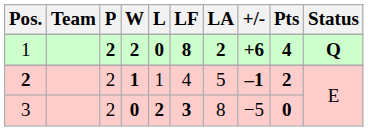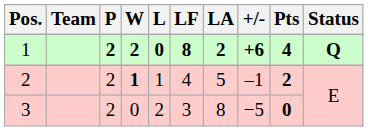 <table class="wikitable" style="text-align:center; margin: 1em auto 1em auto, align:left">
 <tr>
 <th>Pos.</th>
 <th>Team</th>
 <th>P</th>
 <th>W</th>
 <th>L</th>
 <th>LF</th>
 <th>LA</th>
 <th>+/-</th>
 <th>Pts</th>
 <th>Status</th>
 </tr>
 <tr>
 </tr>
 <tr style="background-color:#ccffcc">
 <td>1</td>
 <td style="text-align:left;"></td>
 <td><strong>2</strong></td>
 <td><strong>2</strong></td>
 <td><strong>0</strong></td>
 <td><strong>8</strong></td>
 <td><strong>2</strong></td>
 <td><strong>+6</strong></td>
 <td><strong>4</strong></td>
 <td><strong>Q</strong></td>
 </tr>
 <tr>
 </tr>
 <tr style="background-color:#FFCCCC">
-<td><strong>2</strong></td>
+<td>2</td>
 <td style="text-align:left;"></td>
 <td>2</td>
 <td><strong>1</strong></td>
 <td>1</td>
 <td>4</td>
 <td>5</td>
-<td><strong>–1</strong></td>
+<td>–1</td>
 <td><strong>2</strong></td>
 <td rowspan=2>E</td>
 </tr>
 <tr style="background-color:#FFCCCC">
 <td>3</td>
 <td style="text-align:left;"></td>
 <td>2</td>
-<td><strong>0</strong></td>
-<td><strong>2</strong></td>
-<td><strong>3</strong></td>
+<td>0</td>
+<td>2</td>
+<td>3</td>
 <td>8</td>
 <td>−5</td>
 <td><strong>0</strong></td>
 </tr>
 </table>
